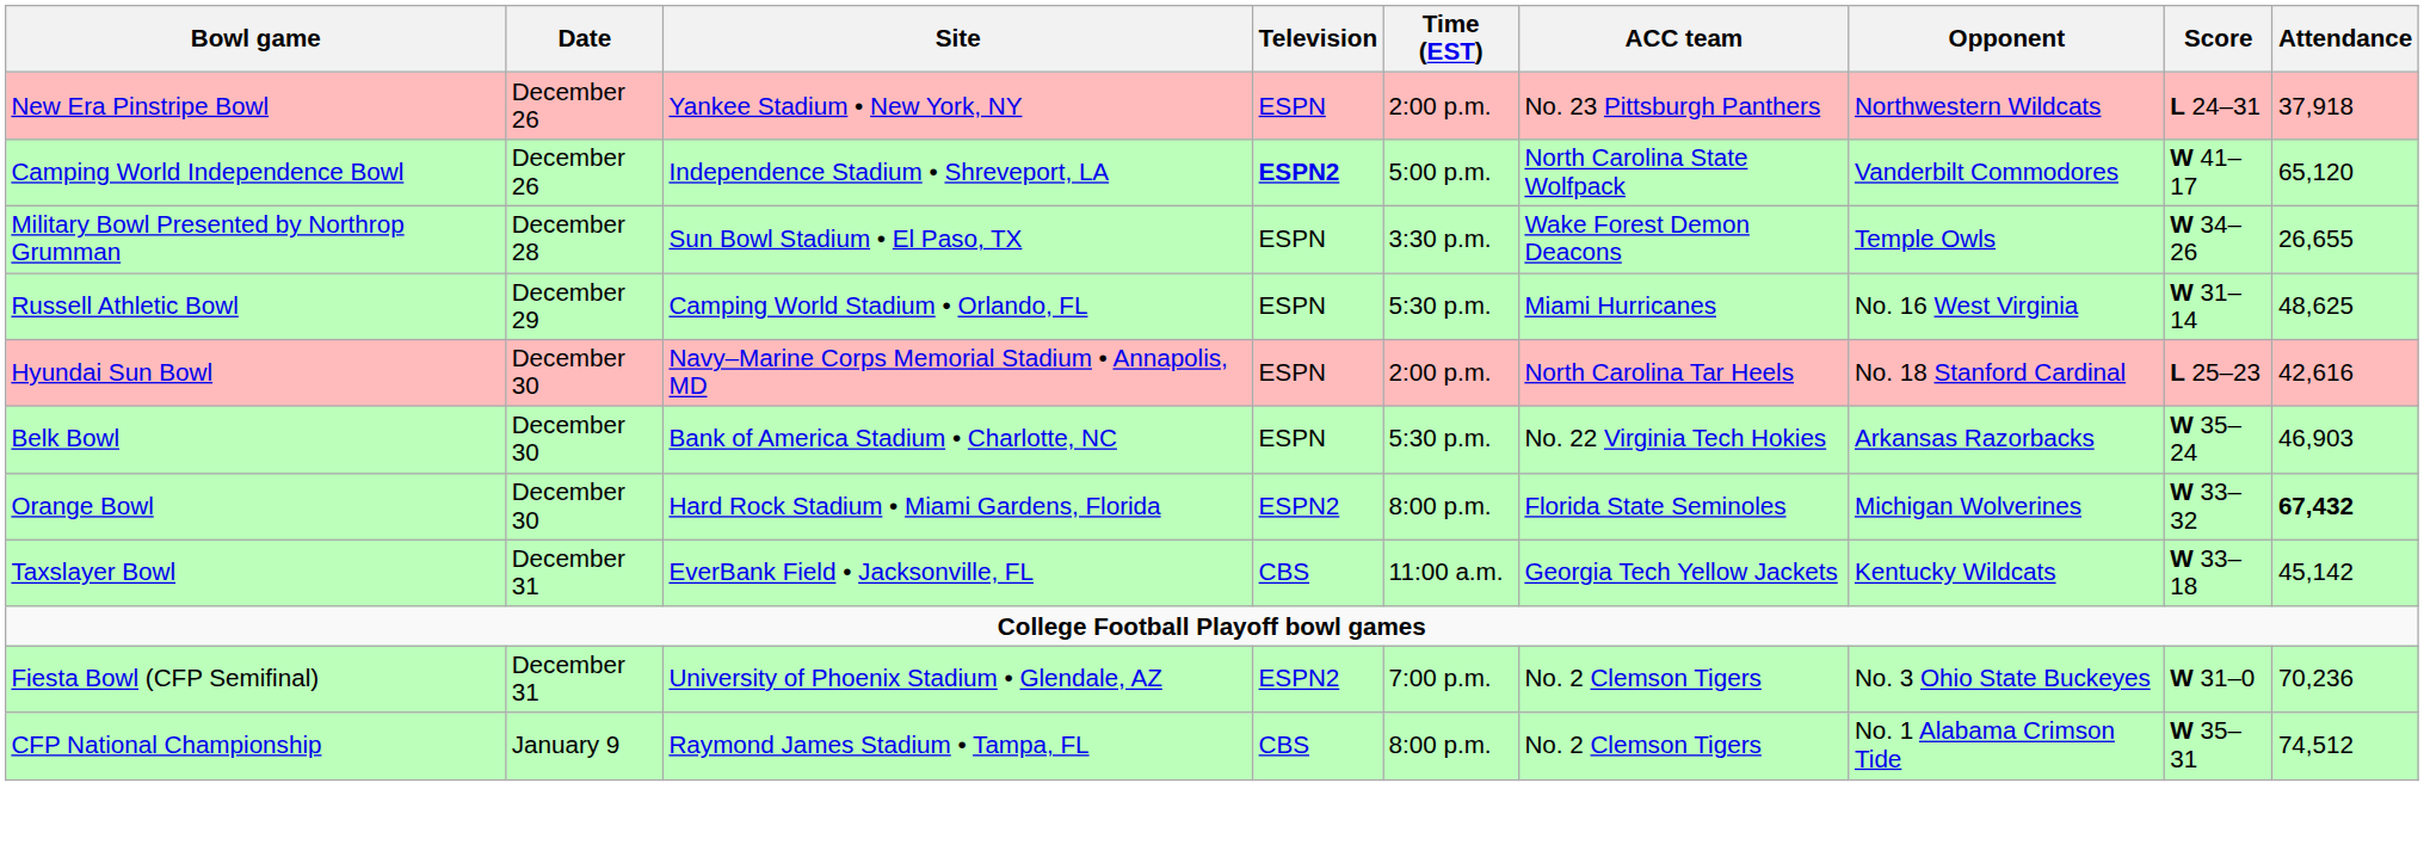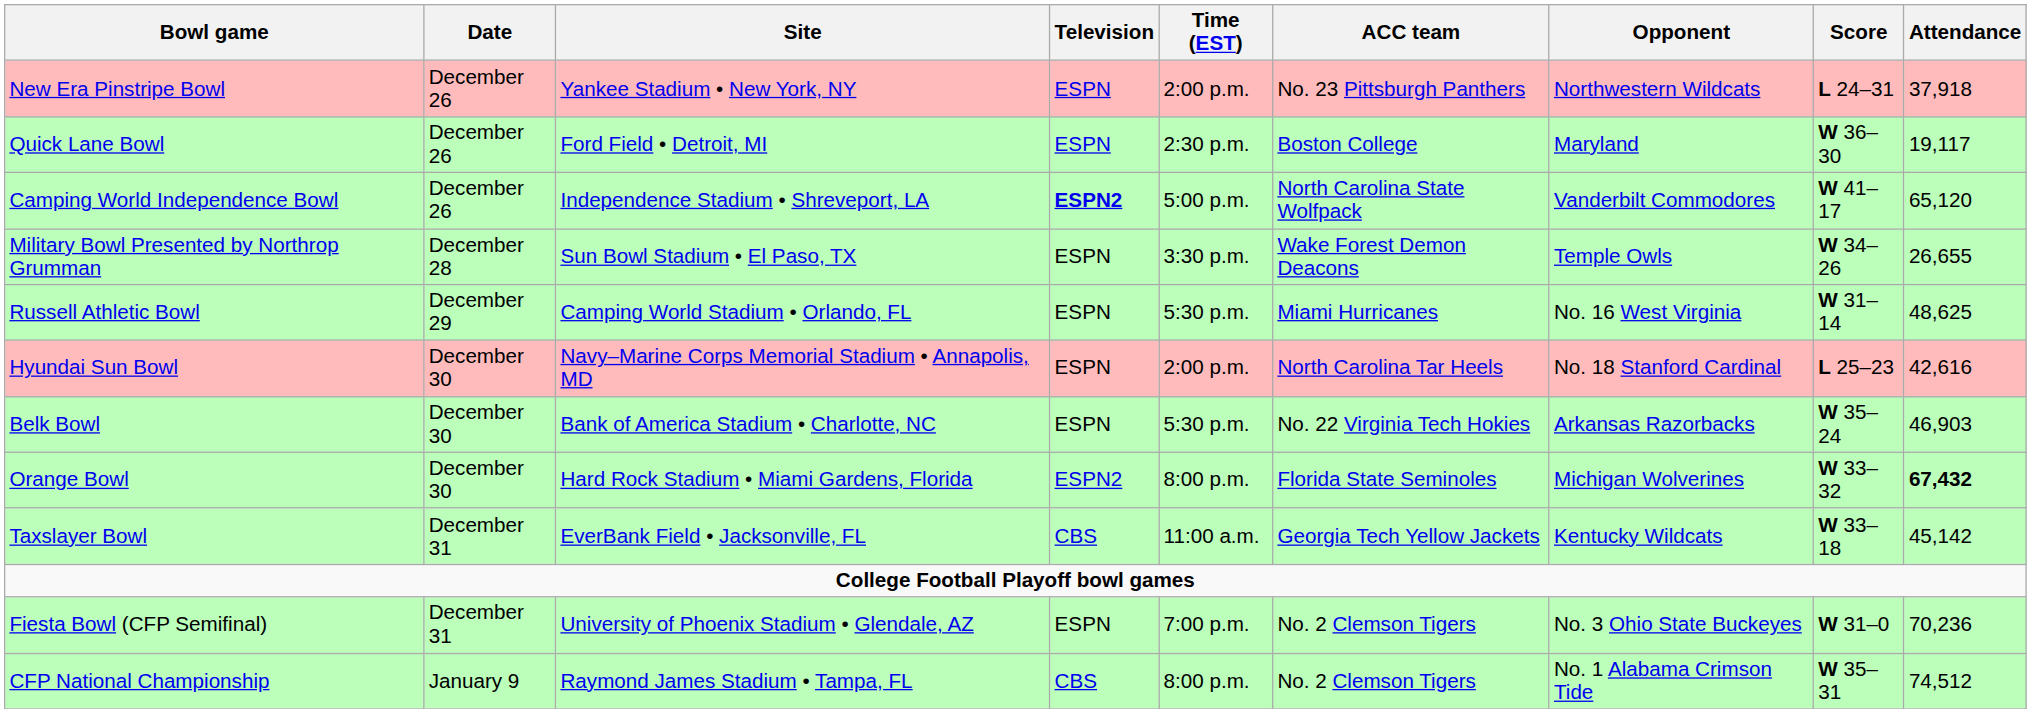 <table class="wikitable">
 <tr>
 <th>Bowl game</th>
 <th>Date</th>
 <th>Site</th>
 <th>Television</th>
 <th>Time (<a href='#'>EST</a>)</th>
 <th>ACC team</th>
 <th>Opponent</th>
 <th>Score</th>
 <th>Attendance</th>
 </tr>
 <tr style="background:#fbb;">
 <td><a href='#'>New Era Pinstripe Bowl</a></td>
 <td>December 26</td>
 <td><a href='#'>Yankee Stadium</a> • <a href='#'>New York, NY</a></td>
 <td><a href='#'>ESPN</a></td>
 <td>2:00 p.m.</td>
 <td>No. 23 <a href='#'>Pittsburgh Panthers</a></td>
 <td><a href='#'>Northwestern Wildcats</a></td>
 <td><strong>L</strong> 24–31</td>
 <td>37,918</td>
+</tr>
+<tr style="background:#bfb;">
+<td><a href='#'>Quick Lane Bowl</a></td>
+<td>December 26</td>
+<td><a href='#'>Ford Field</a> • <a href='#'>Detroit, MI</a></td>
+<td><a href='#'>ESPN</a></td>
+<td>2:30 p.m.</td>
+<td><a href='#'>Boston College</a></td>
+<td><a href='#'>Maryland</a></td>
+<td><strong>W</strong> 36–30</td>
+<td>19,117</td>
 </tr>
 <tr style="background:#bfb;">
 <td><a href='#'>Camping World Independence Bowl</a></td>
 <td>December 26</td>
 <td><a href='#'>Independence Stadium</a> • <a href='#'>Shreveport, LA</a></td>
 <td><strong><a href='#'>ESPN2</a></strong></td>
 <td>5:00 p.m.</td>
 <td><a href='#'>North Carolina State Wolfpack</a></td>
 <td><a href='#'>Vanderbilt Commodores</a></td>
 <td><strong>W</strong> 41–17</td>
 <td>65,120</td>
 </tr>
 <tr style="background:#bfb;">
 <td><a href='#'>Military Bowl Presented by Northrop Grumman</a></td>
 <td>December 28</td>
 <td><a href='#'>Sun Bowl Stadium</a> • <a href='#'>El Paso, TX</a></td>
 <td>ESPN</td>
 <td>3:30 p.m.</td>
 <td><a href='#'>Wake Forest Demon Deacons</a></td>
 <td><a href='#'>Temple Owls</a></td>
 <td><strong>W</strong> 34–26</td>
 <td>26,655</td>
 </tr>
 <tr style="background:#bfb;">
 <td><a href='#'>Russell Athletic Bowl</a></td>
 <td>December 29</td>
 <td><a href='#'>Camping World Stadium</a> • <a href='#'>Orlando, FL</a></td>
 <td>ESPN</td>
 <td>5:30 p.m.</td>
 <td><a href='#'>Miami Hurricanes</a></td>
 <td>No. 16 <a href='#'>West Virginia</a></td>
 <td><strong>W</strong> 31–14</td>
 <td>48,625</td>
 </tr>
 <tr style="background:#fbb;">
 <td><a href='#'>Hyundai Sun Bowl</a></td>
 <td>December 30</td>
 <td><a href='#'>Navy–Marine Corps Memorial Stadium</a> • <a href='#'>Annapolis, MD</a></td>
 <td>ESPN</td>
 <td>2:00 p.m.</td>
 <td><a href='#'>North Carolina Tar Heels</a></td>
 <td>No. 18 <a href='#'>Stanford Cardinal</a></td>
 <td><strong>L</strong> 25–23</td>
 <td>42,616</td>
 </tr>
 <tr style="background:#bfb;">
 <td><a href='#'>Belk Bowl</a></td>
 <td>December 30</td>
 <td><a href='#'>Bank of America Stadium</a> • <a href='#'>Charlotte, NC</a></td>
 <td>ESPN</td>
 <td>5:30 p.m.</td>
 <td>No. 22 <a href='#'>Virginia Tech Hokies</a></td>
 <td><a href='#'>Arkansas Razorbacks</a></td>
 <td><strong>W</strong> 35–24</td>
 <td>46,903</td>
 </tr>
 <tr style="background:#bfb;">
 <td><a href='#'>Orange Bowl</a></td>
 <td>December 30</td>
 <td><a href='#'>Hard Rock Stadium</a> • <a href='#'>Miami Gardens, Florida</a></td>
 <td><a href='#'>ESPN2</a></td>
 <td>8:00 p.m.</td>
 <td><a href='#'>Florida State Seminoles</a></td>
 <td><a href='#'>Michigan Wolverines</a></td>
 <td><strong>W</strong> 33–32</td>
 <td><strong>67,432</strong></td>
 </tr>
 <tr style="background:#bfb;">
 <td><a href='#'>Taxslayer Bowl</a></td>
 <td>December 31</td>
 <td><a href='#'>EverBank Field</a> • <a href='#'>Jacksonville, FL</a></td>
 <td><a href='#'>CBS</a></td>
 <td>11:00 a.m.</td>
 <td><a href='#'>Georgia Tech Yellow Jackets</a></td>
 <td><a href='#'>Kentucky Wildcats</a></td>
 <td><strong>W</strong> 33–18</td>
 <td>45,142</td>
 </tr>
 <tr>
 <td colspan="9" style="text-align:center;"><strong>College Football Playoff bowl games</strong></td>
 </tr>
 <tr style="background:#bfb;">
 <td><a href='#'>Fiesta Bowl</a> (CFP Semifinal)</td>
 <td>December 31</td>
 <td><a href='#'>University of Phoenix Stadium</a> • <a href='#'>Glendale, AZ</a></td>
-<td><a href='#'>ESPN2</a></td>
+<td>ESPN</td>
 <td>7:00 p.m.</td>
 <td>No. 2 <a href='#'>Clemson Tigers</a></td>
 <td>No. 3 <a href='#'>Ohio State Buckeyes</a></td>
 <td><strong>W</strong> 31–0</td>
 <td>70,236</td>
 </tr>
 <tr style="background:#bfb;">
 <td><a href='#'>CFP National Championship</a></td>
 <td>January 9</td>
 <td><a href='#'>Raymond James Stadium</a> • <a href='#'>Tampa, FL</a></td>
 <td><a href='#'>CBS</a></td>
 <td>8:00 p.m.</td>
 <td>No. 2 <a href='#'>Clemson Tigers</a></td>
 <td>No. 1 <a href='#'>Alabama Crimson Tide</a></td>
 <td><strong>W</strong> 35–31</td>
 <td>74,512</td>
 </tr>
 </table>
